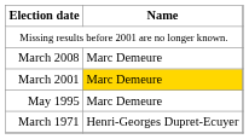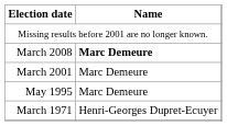 <table align="center" rules="all" cellspacing="0" cellpadding="4" style="border: 1px solid #999; border-right: 2px solid #999; border-bottom:2px solid #999">
 <tr>
 <th>Election date</th>
 <th>Name</th>
 </tr>
 <tr>
 <td colspan="3" align="center"><small>Missing results before 2001 are no longer known.</small></td>
 </tr>
 <tr>
 <td align=right>March 2008</td>
-<td>Marc Demeure</td>
+<td><strong>Marc Demeure</strong></td>
 </tr>
 <tr>
 <td align=right>March 2001</td>
-<td style="background: gold;">Marc Demeure</td>
+<td>Marc Demeure</td>
 </tr>
 <tr>
 <td align=right>May 1995</td>
 <td>Marc Demeure</td>
 </tr>
 <tr>
 <td align=right>March 1971</td>
 <td>Henri-Georges Dupret-Ecuyer</td>
 </tr>
 </table>
